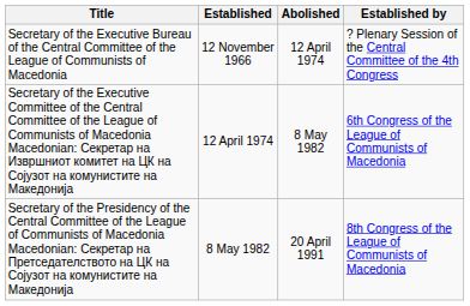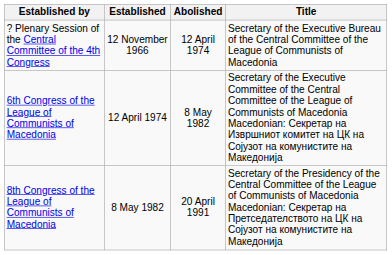 <table class="wikitable sortable">
 <tr>
-<th scope=col>Title</th>
+<th scope=col>Established by</th>
 <th scope=col>Established</th>
 <th scope=col>Abolished</th>
-<th scope=col>Established by</th>
+<th scope=col>Title</th>
 </tr>
 <tr>
-<td>Secretary of the Executive Bureau of the Central Committee of the League of Communists of Macedonia<br></td>
+<td>? Plenary Session of the <a href='#'>Central Committee of the 4th Congress</a></td>
 <td align="center">12 November 1966</td>
 <td align="center">12 April 1974</td>
-<td>? Plenary Session of the <a href='#'>Central Committee of the 4th Congress</a></td>
+<td>Secretary of the Executive Bureau of the Central Committee of the League of Communists of Macedonia<br></td>
 </tr>
 <tr>
-<td>Secretary of the Executive Committee of the Central Committee of the League of Communists of Macedonia<br>Macedonian: Секретар на Извршниот комитет на ЦК на Сојузот на комунистите на Македонија</td>
+<td><a href='#'>6th Congress of the League of Communists of Macedonia</a></td>
 <td align="center">12 April 1974</td>
 <td align="center">8 May 1982</td>
-<td><a href='#'>6th Congress of the League of Communists of Macedonia</a></td>
+<td>Secretary of the Executive Committee of the Central Committee of the League of Communists of Macedonia<br>Macedonian: Секретар на Извршниот комитет на ЦК на Сојузот на комунистите на Македонија</td>
 </tr>
 <tr>
-<td>Secretary of the Presidency of the Central Committee of the League of Communists of Macedonia<br>Macedonian: Секретар на Претседателството на ЦК на Сојузот на комунистите на Македонија</td>
+<td><a href='#'>8th Congress of the League of Communists of Macedonia</a></td>
 <td align="center">8 May 1982</td>
 <td align="center">20 April 1991</td>
-<td><a href='#'>8th Congress of the League of Communists of Macedonia</a></td>
+<td>Secretary of the Presidency of the Central Committee of the League of Communists of Macedonia<br>Macedonian: Секретар на Претседателството на ЦК на Сојузот на комунистите на Македонија</td>
 </tr>
 </table>
